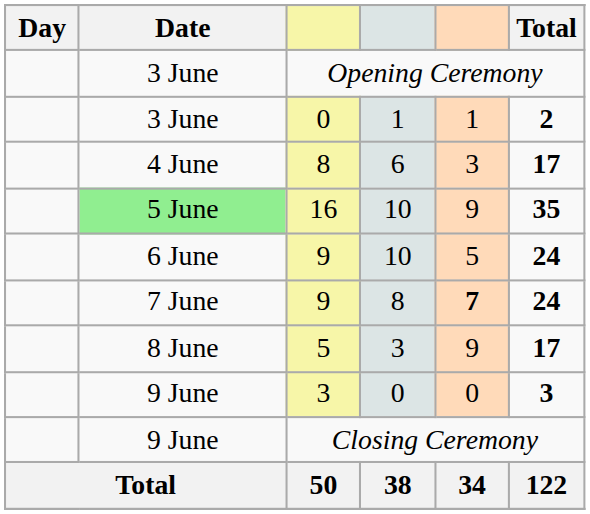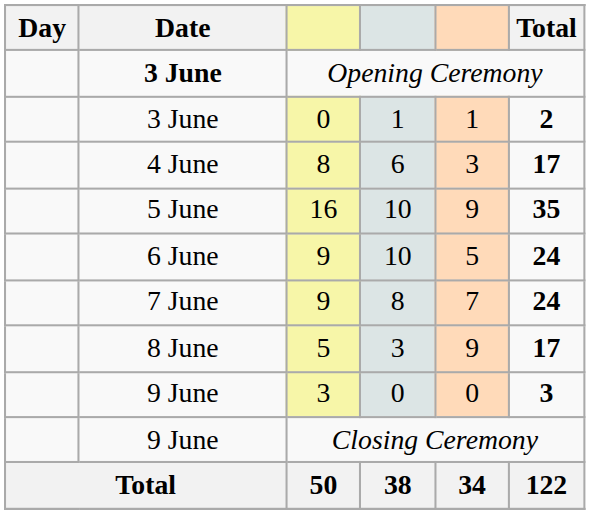 <table class="wikitable" style="font-size:85%; text-align:center">
 <tr style="background:#efefef;">
 </tr>
 <tr>
 <th width=30><strong>Day</strong></th>
 <th width=95><strong>Date</strong></th>
 <th width=30 style="background:#F7F6A8;"></th>
 <th width=30 style="background:#DCE5E5;"></th>
 <th width=30 style="background:#FFDAB9;"></th>
 <th width=30><strong>Total</strong></th>
 </tr>
 <tr>
 <td></td>
-<td>3 June</td>
+<td><strong>3 June</strong></td>
 <td colspan="4" style="text-align:left center ;"> <em>Opening Ceremony</em></td>
 </tr>
 <tr>
 <td></td>
 <td>3 June</td>
 <td style="background:#F7F6A8;">0</td>
 <td style="background:#DCE5E5;">1</td>
 <td style="background:#FFDAB9;">1</td>
 <td><strong>2</strong></td>
 </tr>
 <tr>
 <td></td>
 <td>4 June</td>
 <td style="background:#F7F6A8;">8</td>
 <td style="background:#DCE5E5;">6</td>
 <td style="background:#FFDAB9;">3</td>
 <td><strong>17</strong></td>
 </tr>
 <tr>
 <td></td>
-<td style="background: lightgreen;">5 June</td>
+<td>5 June</td>
 <td style="background:#F7F6A8;">16</td>
 <td style="background:#DCE5E5;">10</td>
 <td style="background:#FFDAB9;">9</td>
 <td><strong>35</strong></td>
 </tr>
 <tr>
 <td></td>
 <td>6 June</td>
 <td style="background:#F7F6A8;">9</td>
 <td style="background:#DCE5E5;">10</td>
 <td style="background:#FFDAB9;">5</td>
 <td><strong>24</strong></td>
 </tr>
 <tr>
 <td></td>
 <td>7 June</td>
 <td style="background:#F7F6A8;">9</td>
 <td style="background:#DCE5E5;">8</td>
-<td style="background:#FFDAB9;"><strong>7</strong></td>
+<td style="background:#FFDAB9;">7</td>
 <td><strong>24</strong></td>
 </tr>
 <tr>
 <td></td>
 <td>8 June</td>
 <td style="background:#F7F6A8;">5</td>
 <td style="background:#DCE5E5;">3</td>
 <td style="background:#FFDAB9;">9</td>
 <td><strong>17</strong></td>
 </tr>
 <tr>
 <td></td>
 <td>9 June</td>
 <td style="background:#F7F6A8;">3</td>
 <td style="background:#DCE5E5;">0</td>
 <td style="background:#FFDAB9;">0</td>
 <td><strong>3</strong></td>
 </tr>
 <tr>
 <td></td>
 <td>9 June</td>
 <td colspan="4" style="text-align:left center ;"> <em>Closing Ceremony</em></td>
 </tr>
 <tr>
 <th colspan="2">Total</th>
 <th>50</th>
 <th>38</th>
 <th>34</th>
 <th>122</th>
 </tr>
 <tr>
 </tr>
 </table>
